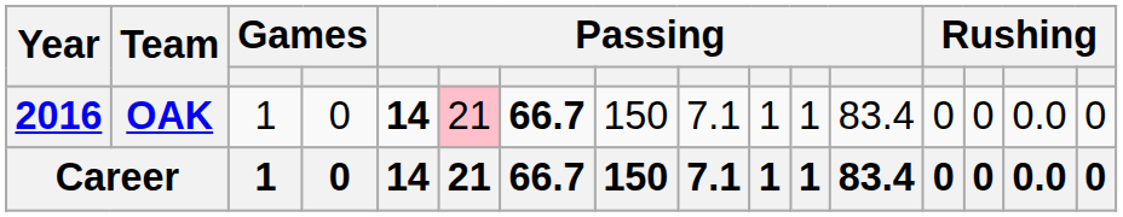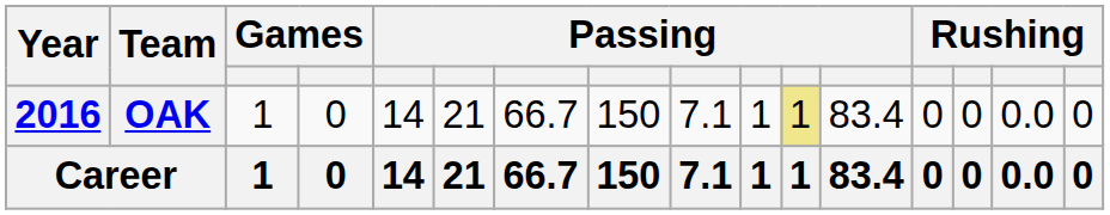 <table class="wikitable" style="text-align:center;">
 <tr>
 <th rowspan="2">Year</th>
 <th rowspan="2">Team</th>
 <th colspan="2">Games</th>
 <th colspan="8">Passing</th>
 <th colspan="4">Rushing</th>
 </tr>
 <tr>
 <th></th>
 <th></th>
 <th></th>
 <th></th>
 <th></th>
 <th></th>
 <th></th>
 <th></th>
 <th></th>
 <th></th>
 <th></th>
 <th></th>
 <th></th>
 <th></th>
 </tr>
 <tr>
 <th><a href='#'>2016</a></th>
 <th><a href='#'>OAK</a></th>
 <td>1</td>
 <td>0</td>
-<td><strong>14</strong></td>
-<td style="background: pink;">21</td>
-<td><strong>66.7</strong></td>
+<td>14</td>
+<td>21</td>
+<td>66.7</td>
 <td>150</td>
 <td>7.1</td>
 <td>1</td>
-<td>1</td>
+<td style="background: khaki;">1</td>
 <td>83.4</td>
 <td>0</td>
 <td>0</td>
 <td>0.0</td>
 <td>0</td>
 </tr>
 <tr>
 <th colspan="2">Career</th>
 <th>1</th>
 <th>0</th>
 <th>14</th>
 <th>21</th>
 <th>66.7</th>
 <th>150</th>
 <th>7.1</th>
 <th>1</th>
 <th>1</th>
 <th>83.4</th>
 <th>0</th>
 <th>0</th>
 <th>0.0</th>
 <th>0</th>
 </tr>
 </table>
